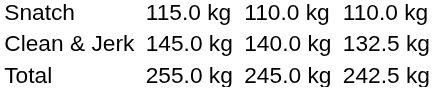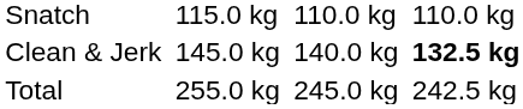 <table>
 <tr>
 <td>Snatch</td>
 <td></td>
 <td>115.0 kg</td>
 <td></td>
 <td>110.0 kg</td>
 <td></td>
 <td>110.0 kg</td>
 </tr>
 <tr>
 <td>Clean & Jerk</td>
 <td></td>
 <td>145.0 kg</td>
 <td></td>
 <td>140.0 kg</td>
 <td></td>
-<td>132.5 kg</td>
+<td><strong>132.5 kg</strong></td>
 </tr>
 <tr>
 <td>Total</td>
 <td></td>
 <td>255.0 kg</td>
 <td></td>
 <td>245.0 kg</td>
 <td></td>
 <td>242.5 kg</td>
 </tr>
 </table>
